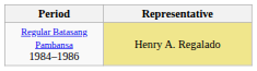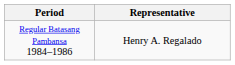 <table class="wikitable" style="text-align:center; width:40%;">
 <tr>
 <th width="40%">Period</th>
 <th>Representative</th>
 </tr>
 <tr>
 <td><small><a href='#'>Regular Batasang Pambansa</a></small><br>1984–1986</td>
-<td style="background: khaki;">Henry A. Regalado</td>
+<td>Henry A. Regalado</td>
 </tr>
 </table>
